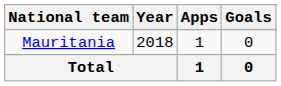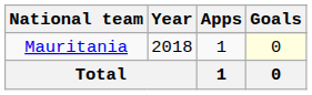 <table class="wikitable" style="text-align:center">
 <tr>
 <th>National team</th>
 <th>Year</th>
 <th>Apps</th>
 <th>Goals</th>
 </tr>
 <tr>
 <td rowspan="2"><a href='#'>Mauritania</a></td>
 </tr>
 <tr>
 <td>2018</td>
 <td>1</td>
-<td>0</td>
+<td style="background: lightyellow;">0</td>
 </tr>
 <tr>
 <th colspan=2>Total</th>
 <th>1</th>
 <th>0</th>
 </tr>
 </table>
